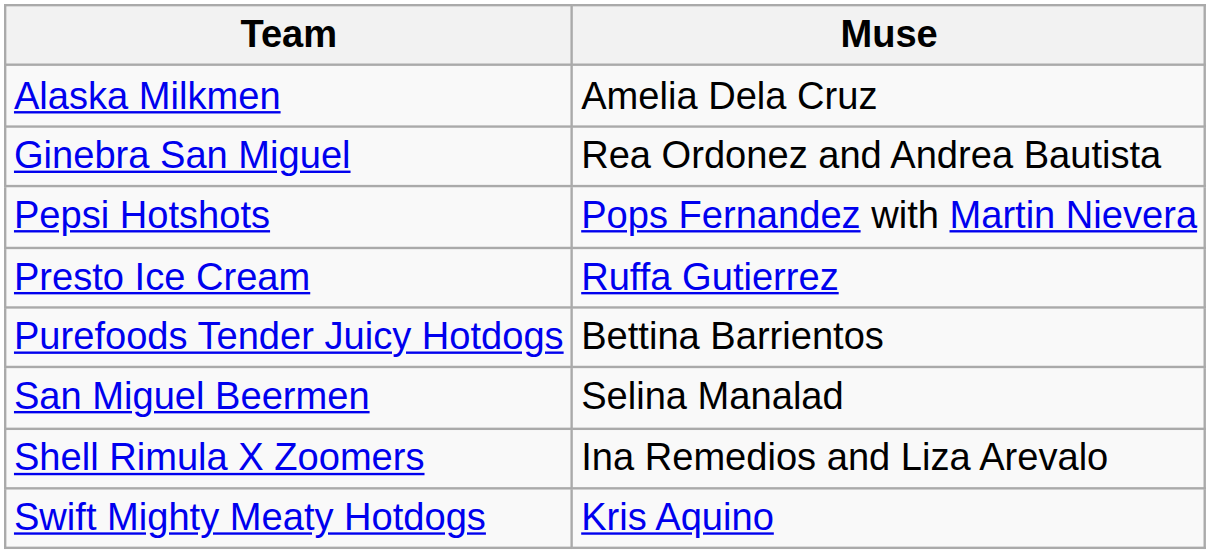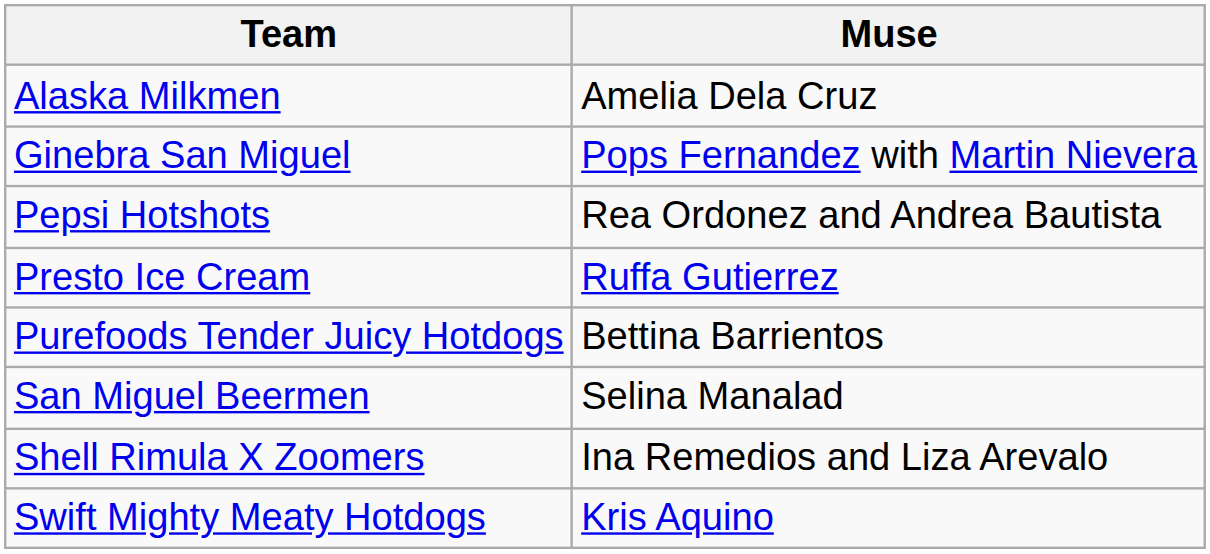 <table class="wikitable sortable sortable">
 <tr>
 <th style= style="width:45%;">Team</th>
 <th style= style="width:55%;">Muse</th>
 </tr>
 <tr>
 <td><a href='#'>Alaska Milkmen</a></td>
 <td>Amelia Dela Cruz</td>
 </tr>
 <tr>
 <td><a href='#'>Ginebra San Miguel</a></td>
-<td>Rea Ordonez and Andrea Bautista</td>
+<td><a href='#'>Pops Fernandez</a> with <a href='#'>Martin Nievera</a></td>
 </tr>
 <tr>
 <td><a href='#'>Pepsi Hotshots</a></td>
-<td><a href='#'>Pops Fernandez</a> with <a href='#'>Martin Nievera</a></td>
+<td>Rea Ordonez and Andrea Bautista</td>
 </tr>
 <tr>
 <td><a href='#'>Presto Ice Cream</a></td>
 <td><a href='#'>Ruffa Gutierrez</a></td>
 </tr>
 <tr>
 <td><a href='#'>Purefoods Tender Juicy Hotdogs</a></td>
 <td>Bettina Barrientos</td>
 </tr>
 <tr>
 <td><a href='#'>San Miguel Beermen</a></td>
 <td>Selina Manalad</td>
 </tr>
 <tr>
 <td><a href='#'>Shell Rimula X Zoomers</a></td>
 <td>Ina Remedios and Liza Arevalo</td>
 </tr>
 <tr>
 <td><a href='#'>Swift Mighty Meaty Hotdogs</a></td>
 <td><a href='#'>Kris Aquino</a></td>
 </tr>
 </table>
